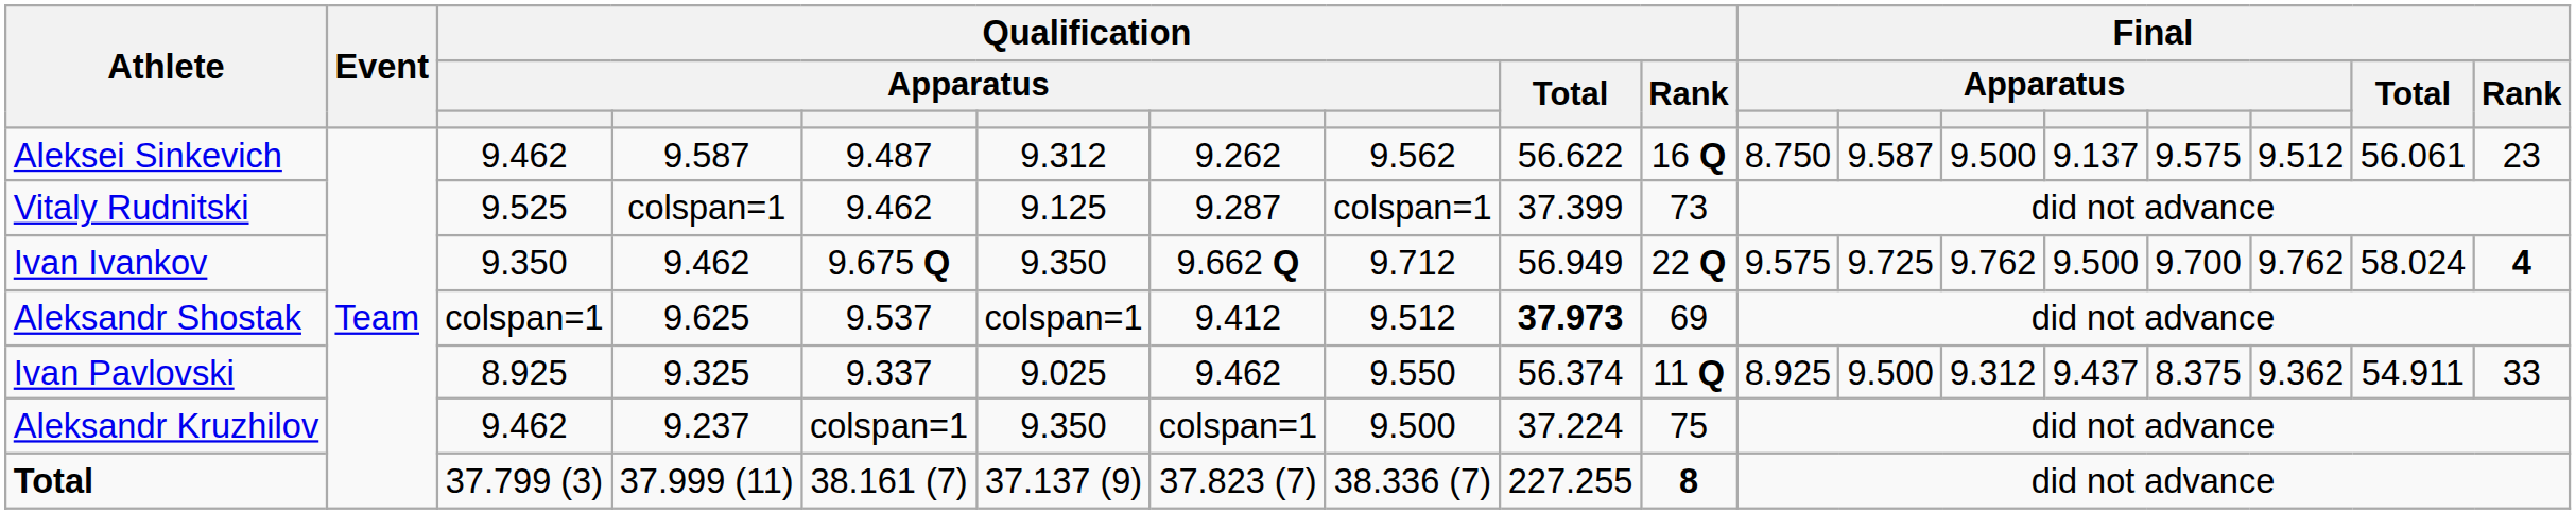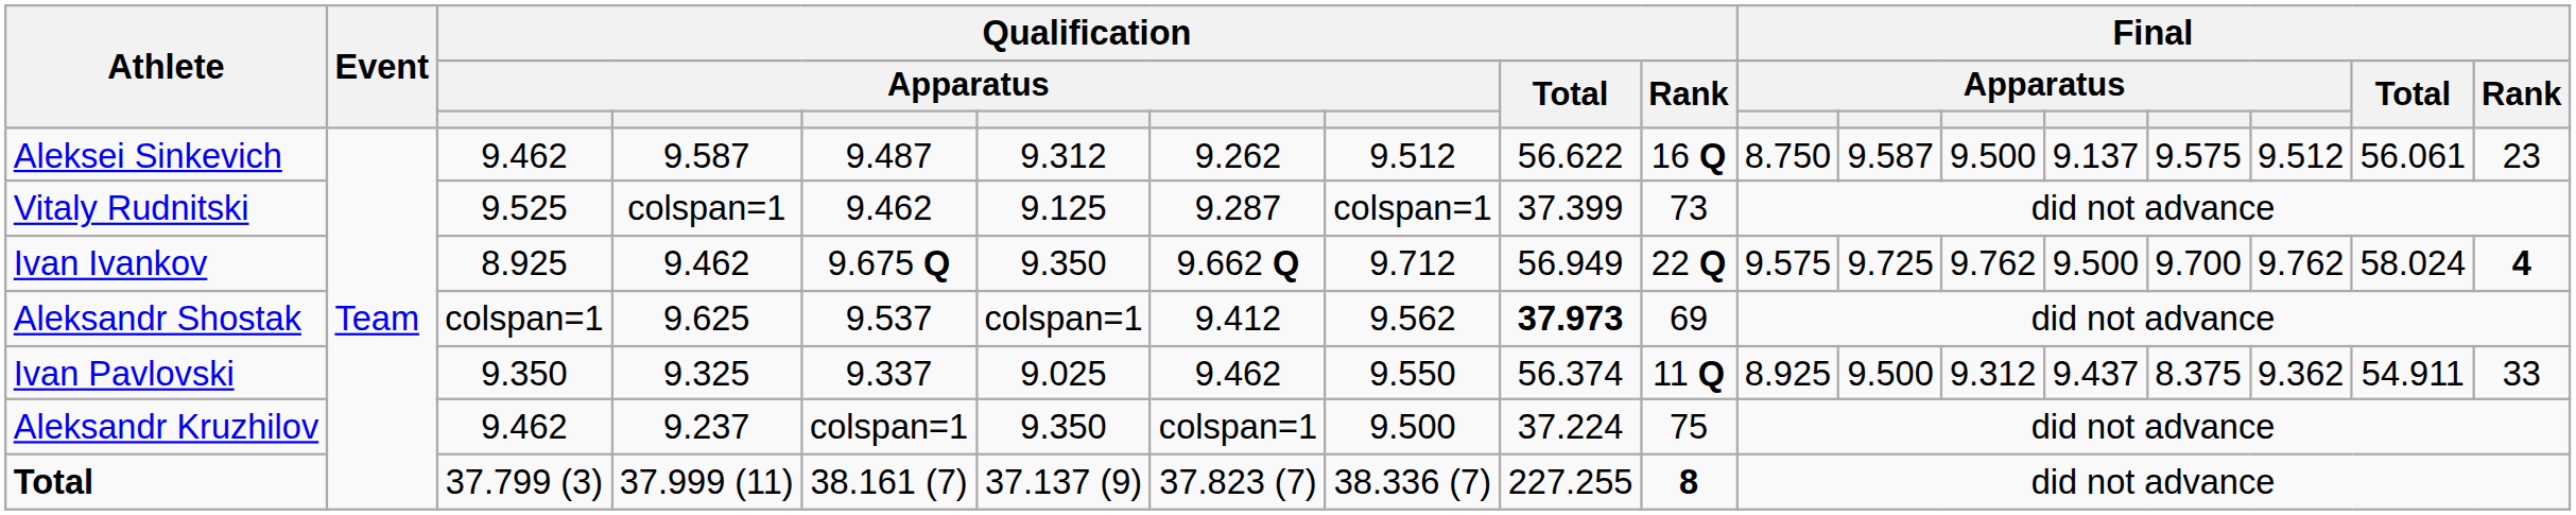 <table class="wikitable" style="font-size:90%">
 <tr>
 <th rowspan=3>Athlete</th>
 <th rowspan=3>Event</th>
 <th colspan =8>Qualification</th>
 <th colspan =8>Final</th>
 </tr>
 <tr style="font-size:95%">
 <th colspan=6>Apparatus</th>
 <th rowspan=2>Total</th>
 <th rowspan=2>Rank</th>
 <th colspan=6>Apparatus</th>
 <th rowspan=2>Total</th>
 <th rowspan=2>Rank</th>
 </tr>
 <tr style="font-size:95%">
 <th></th>
 <th></th>
 <th></th>
 <th></th>
 <th></th>
 <th></th>
 <th></th>
 <th></th>
 <th></th>
 <th></th>
 <th></th>
 <th></th>
 </tr>
 <tr align=center>
 <td align=left><a href='#'>Aleksei Sinkevich</a></td>
 <td align=left rowspan=7><a href='#'>Team</a></td>
 <td>9.462</td>
 <td>9.587</td>
 <td>9.487</td>
 <td>9.312</td>
 <td>9.262</td>
-<td>9.562</td>
+<td>9.512</td>
 <td>56.622</td>
 <td>16 <strong>Q</strong></td>
 <td>8.750</td>
 <td>9.587</td>
 <td>9.500</td>
 <td>9.137</td>
 <td>9.575</td>
 <td>9.512</td>
 <td>56.061</td>
 <td>23</td>
 </tr>
 <tr align=center>
 <td align=left><a href='#'>Vitaly Rudnitski</a></td>
 <td>9.525</td>
 <td>colspan=1 </td>
 <td>9.462</td>
 <td>9.125</td>
 <td>9.287</td>
 <td>colspan=1 </td>
 <td>37.399</td>
 <td>73</td>
 <td colspan=8>did not advance</td>
 </tr>
 <tr align=center>
 <td align=left><a href='#'>Ivan Ivankov</a></td>
-<td>9.350</td>
+<td>8.925</td>
 <td>9.462</td>
 <td>9.675 <strong>Q</strong></td>
 <td>9.350</td>
 <td>9.662 <strong>Q</strong></td>
 <td>9.712</td>
 <td>56.949</td>
 <td>22 <strong>Q</strong></td>
 <td>9.575</td>
 <td>9.725</td>
 <td>9.762</td>
 <td>9.500</td>
 <td>9.700</td>
 <td>9.762</td>
 <td>58.024</td>
 <td><strong>4</strong></td>
 </tr>
 <tr align=center>
 <td align=left><a href='#'>Aleksandr Shostak</a></td>
 <td>colspan=1 </td>
 <td>9.625</td>
 <td>9.537</td>
 <td>colspan=1 </td>
 <td>9.412</td>
-<td>9.512</td>
+<td>9.562</td>
 <td><strong>37.973</strong></td>
 <td>69</td>
 <td colspan=8>did not advance</td>
 </tr>
 <tr align=center>
 <td align=left><a href='#'>Ivan Pavlovski</a></td>
-<td>8.925</td>
+<td>9.350</td>
 <td>9.325</td>
 <td>9.337</td>
 <td>9.025</td>
 <td>9.462</td>
 <td>9.550</td>
 <td>56.374</td>
 <td>11 <strong>Q</strong></td>
 <td>8.925</td>
 <td>9.500</td>
 <td>9.312</td>
 <td>9.437</td>
 <td>8.375</td>
 <td>9.362</td>
 <td>54.911</td>
 <td>33</td>
 </tr>
 <tr align=center>
 <td align=left><a href='#'>Aleksandr Kruzhilov</a></td>
 <td>9.462</td>
 <td>9.237</td>
 <td>colspan=1 </td>
 <td>9.350</td>
 <td>colspan=1 </td>
 <td>9.500</td>
 <td>37.224</td>
 <td>75</td>
 <td colspan=8>did not advance</td>
 </tr>
 <tr align=center>
 <td align=left><strong>Total</strong></td>
 <td>37.799 (3)</td>
 <td>37.999 (11)</td>
 <td>38.161 (7)</td>
 <td>37.137 (9)</td>
 <td>37.823 (7)</td>
 <td>38.336 (7)</td>
 <td>227.255</td>
 <td><strong>8</strong></td>
 <td colspan=8>did not advance</td>
 </tr>
 </table>
